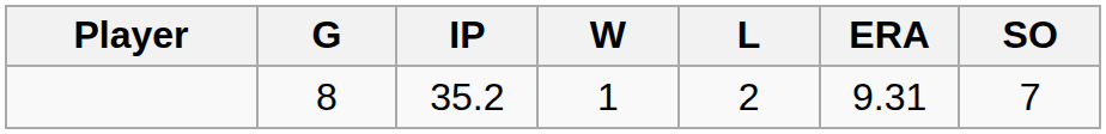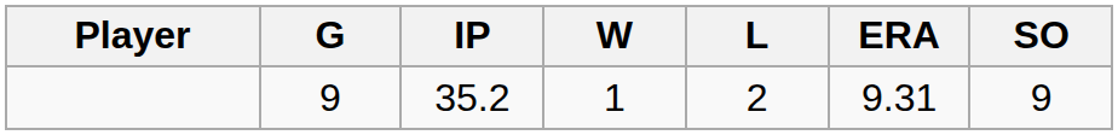 <table class="wikitable sortable">
 <tr>
 <th bgcolor="#DDDDFF" width="16%">Player</th>
 <th bgcolor="#DDDDFF" width="9%">G</th>
 <th bgcolor="#DDDDFF" width="9%">IP</th>
 <th bgcolor="#DDDDFF" width="9%">W</th>
 <th bgcolor="#DDDDFF" width="9%">L</th>
 <th bgcolor="#DDDDFF" width="9%">ERA</th>
 <th bgcolor="#DDDDFF" width="9%">SO</th>
 </tr>
 <tr align="center">
 <td></td>
-<td>8</td>
+<td>9</td>
 <td>35.2</td>
 <td>1</td>
 <td>2</td>
 <td>9.31</td>
-<td>7</td>
+<td>9</td>
 </tr>
 <tr align="center">
 </tr>
 </table>
